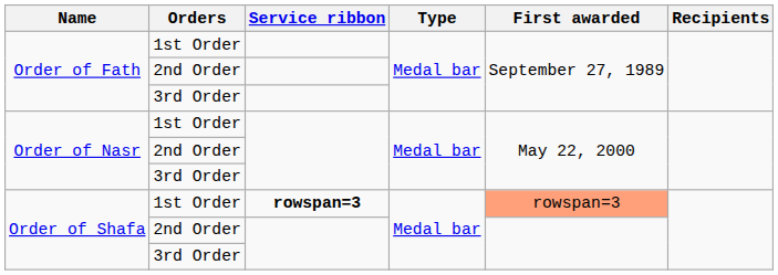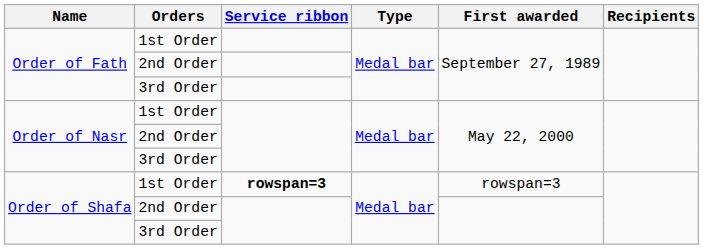 <table class="wikitable" style="text-align: center">
 <tr>
 <th>Name</th>
 <th>Orders</th>
 <th><a href='#'>Service ribbon</a></th>
 <th>Type</th>
 <th>First awarded</th>
 <th>Recipients</th>
 </tr>
 <tr>
 <td rowspan=3><a href='#'>Order of Fath</a></td>
 <td>1st Order</td>
 <td></td>
 <td rowspan=3><a href='#'>Medal bar</a></td>
 <td rowspan=3>September 27, 1989</td>
 <td rowspan=3></td>
 </tr>
 <tr>
 <td>2nd Order</td>
 <td></td>
 </tr>
 <tr>
 <td>3rd Order</td>
 <td></td>
 </tr>
 <tr>
 <td rowspan=3><a href='#'>Order of Nasr</a></td>
 <td>1st Order</td>
 <td rowspan=3></td>
 <td rowspan=3><a href='#'>Medal bar</a></td>
 <td rowspan=3>May 22, 2000</td>
 <td rowspan=3></td>
 </tr>
 <tr>
 <td>2nd Order</td>
 </tr>
 <tr>
 <td>3rd Order</td>
 </tr>
 <tr>
 <td rowspan=3><a href='#'>Order of Shafa</a></td>
 <td>1st Order</td>
 <td><strong>rowspan=3 </strong></td>
 <td rowspan=3><a href='#'>Medal bar</a></td>
-<td style="background: lightsalmon;">rowspan=3 </td>
+<td>rowspan=3 </td>
 <td rowspan=3></td>
 </tr>
 <tr>
 <td>2nd Order</td>
 </tr>
 <tr>
 <td>3rd Order</td>
 </tr>
 </table>
